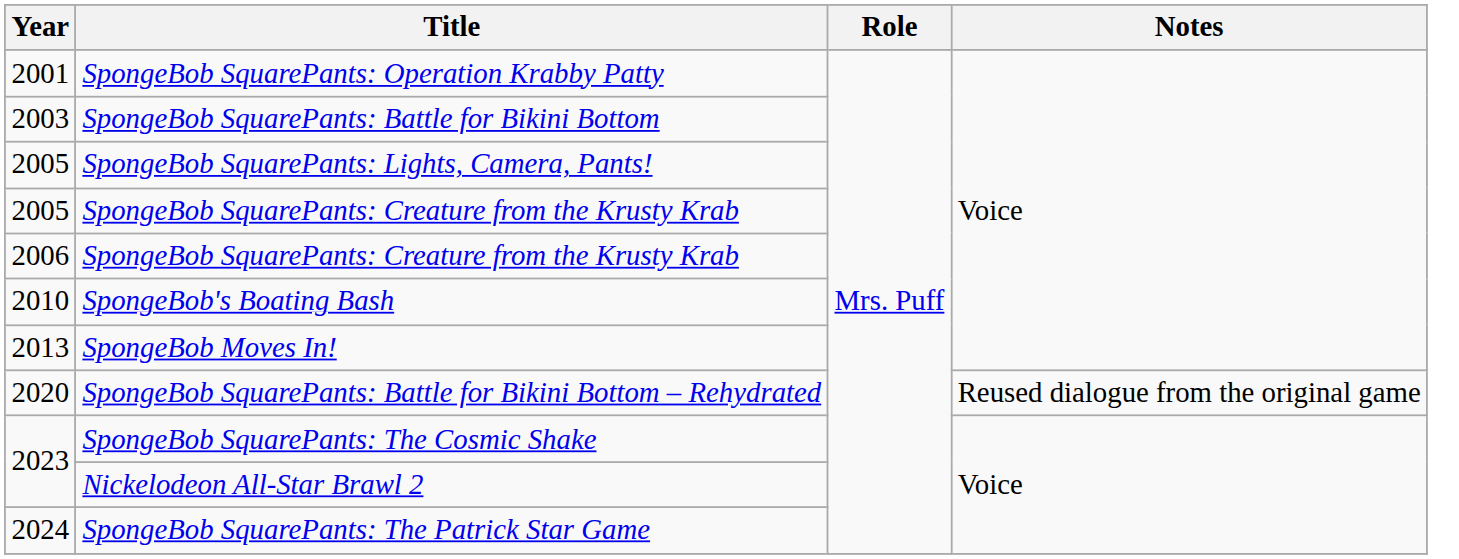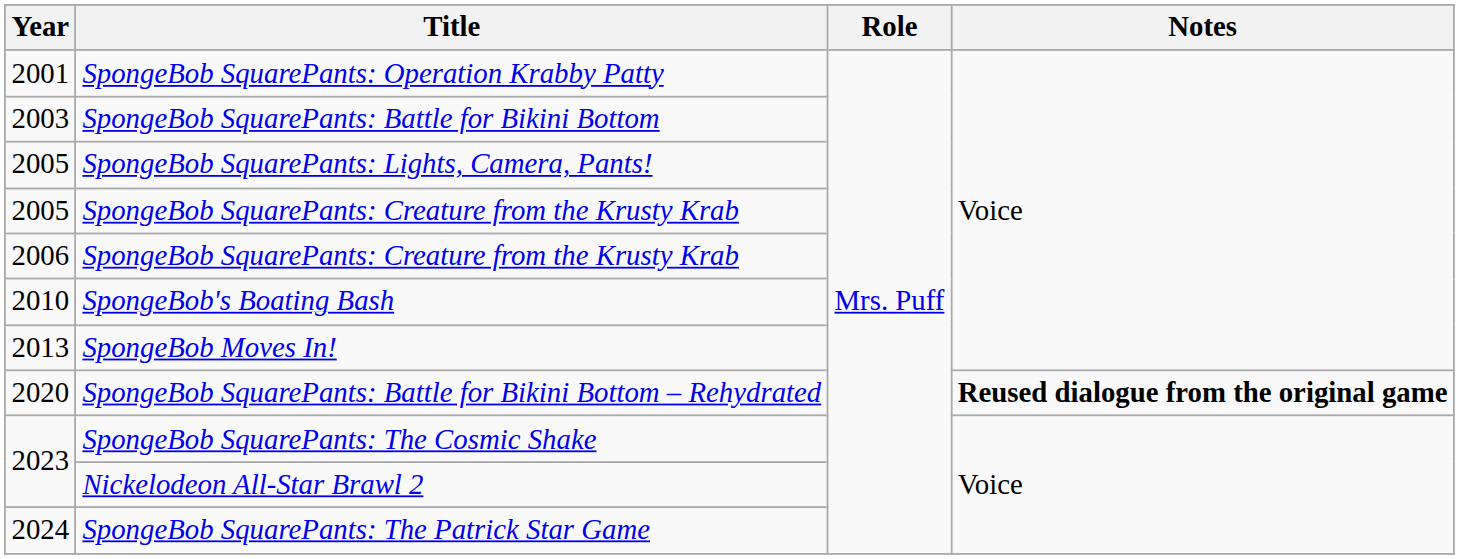 <table class="wikitable sortable">
 <tr>
 <th>Year</th>
 <th>Title</th>
 <th>Role</th>
 <th>Notes</th>
 </tr>
 <tr>
 <td>2001</td>
 <td><em><a href='#'>SpongeBob SquarePants: Operation Krabby Patty</a></em></td>
 <td rowspan="11"><a href='#'>Mrs. Puff</a></td>
 <td rowspan="7">Voice</td>
 </tr>
 <tr>
 <td>2003</td>
 <td><em><a href='#'>SpongeBob SquarePants: Battle for Bikini Bottom</a></em></td>
 </tr>
 <tr>
 <td>2005</td>
 <td><em><a href='#'>SpongeBob SquarePants: Lights, Camera, Pants!</a></em></td>
 </tr>
 <tr>
 <td>2005</td>
 <td><em><a href='#'>SpongeBob SquarePants: Creature from the Krusty Krab</a></em></td>
 </tr>
 <tr>
 <td>2006</td>
 <td><em><a href='#'>SpongeBob SquarePants: Creature from the Krusty Krab</a></em></td>
 </tr>
 <tr>
 <td>2010</td>
 <td><em><a href='#'>SpongeBob's Boating Bash</a></em></td>
 </tr>
 <tr>
 <td>2013</td>
 <td><em><a href='#'>SpongeBob Moves In!</a></em></td>
 </tr>
 <tr>
 <td>2020</td>
 <td><em><a href='#'>SpongeBob SquarePants: Battle for Bikini Bottom – Rehydrated</a></em></td>
-<td>Reused dialogue from the original game</td>
+<td><strong>Reused dialogue from the original game</strong></td>
 </tr>
 <tr>
 <td Rowspan="2">2023</td>
 <td><em><a href='#'>SpongeBob SquarePants: The Cosmic Shake</a></em></td>
 <td Rowspan="3">Voice</td>
 </tr>
 <tr>
 <td><em><a href='#'>Nickelodeon All-Star Brawl 2</a></em></td>
 </tr>
 <tr>
 <td>2024</td>
 <td><em><a href='#'>SpongeBob SquarePants: The Patrick Star Game</a></em></td>
 </tr>
 </table>
